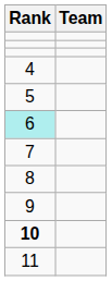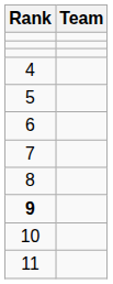 <table class="wikitable">
 <tr>
 <th>Rank</th>
 <th>Team</th>
 </tr>
 <tr>
 <td align=center></td>
 <td></td>
 </tr>
 <tr>
 <td align=center></td>
 <td></td>
 </tr>
 <tr>
 <td align=center></td>
 <td></td>
 </tr>
 <tr>
 <td align=center>4</td>
 <td></td>
 </tr>
 <tr>
 <td align=center>5</td>
 <td></td>
 </tr>
 <tr>
-<td align=center style="background: paleturquoise;">6</td>
+<td align=center>6</td>
 <td></td>
 </tr>
 <tr>
 <td align=center>7</td>
 <td></td>
 </tr>
 <tr>
 <td align=center>8</td>
 <td></td>
 </tr>
 <tr>
-<td align=center>9</td>
+<td align=center><strong>9</strong></td>
 <td></td>
 </tr>
 <tr>
-<td align=center><strong>10</strong></td>
+<td align=center>10</td>
 <td></td>
 </tr>
 <tr>
 <td align=center>11</td>
 <td></td>
 </tr>
 </table>
